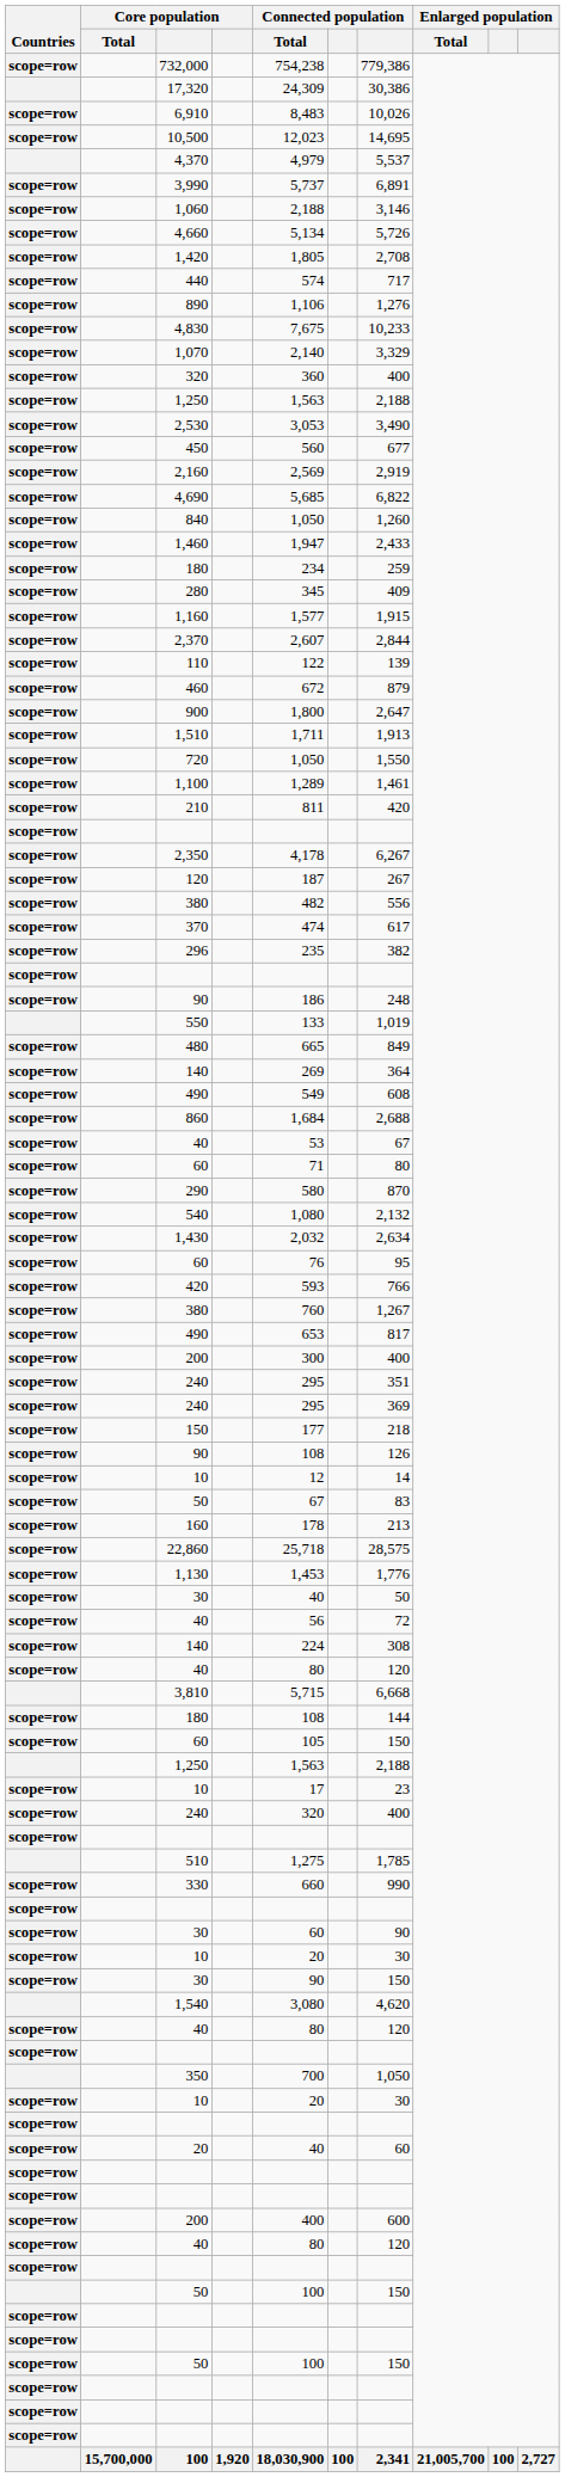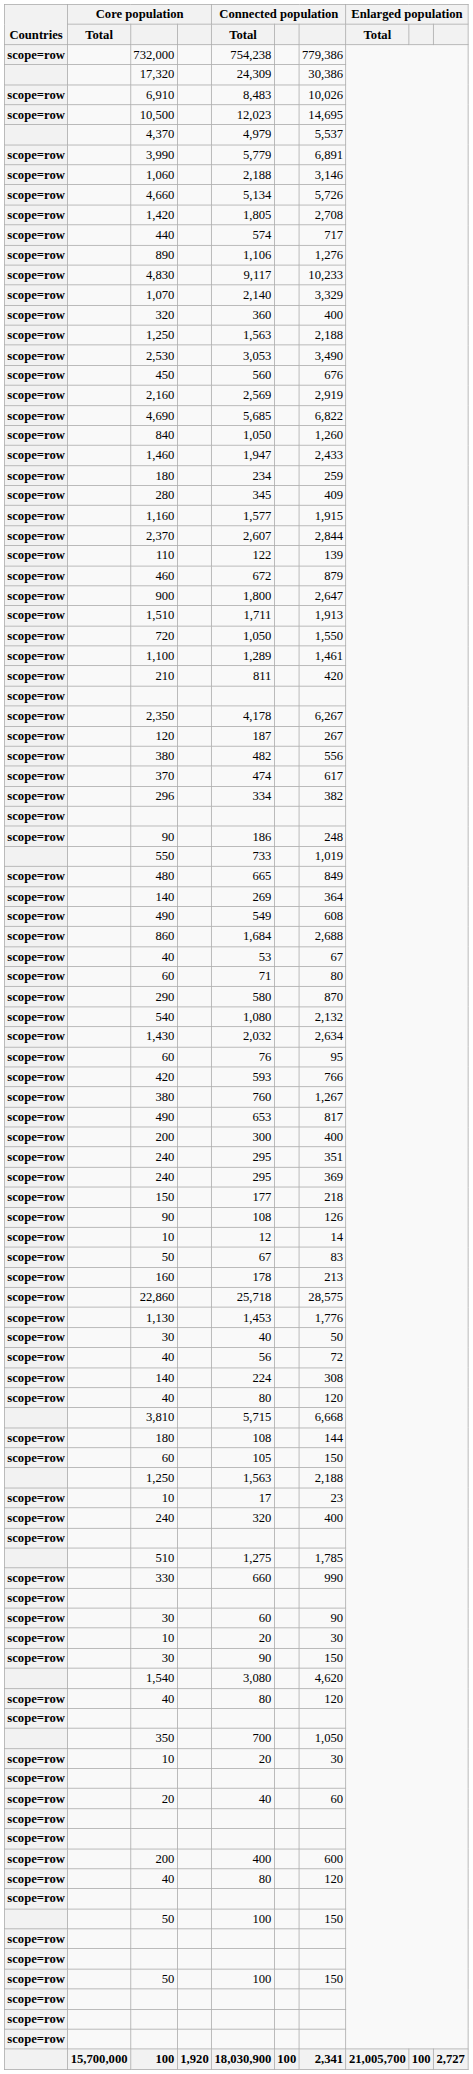 <table class="sortable plainrowheaders static-row-numbers vertical-align-top wikitable" style=text-align:right>
 <tr style=vertical-align:bottom class=static-row-header>
 <th rowspan=2>Countries</th>
 <th colspan=3>Core population</th>
 <th colspan=3>Connected population</th>
 <th colspan=3>Enlarged population</th>
 </tr>
 <tr class=static-row-header>
 <th>Total</th>
 <th></th>
 <th></th>
 <th>Total</th>
 <th></th>
 <th></th>
 <th>Total</th>
 <th></th>
 <th></th>
 </tr>
 <tr id=Israel>
 <th>scope=row </th>
 <td></td>
 <td>732,000</td>
 <td></td>
 <td>754,238</td>
 <td></td>
 <td>779,386</td>
 </tr>
 <tr id="United States">
 <th scope=row style=text-align:left></th>
 <td></td>
 <td>17,320</td>
 <td></td>
 <td>24,309</td>
 <td></td>
 <td>30,386</td>
 </tr>
 <tr id=France>
 <th>scope=row </th>
 <td></td>
 <td>6,910</td>
 <td></td>
 <td>8,483</td>
 <td></td>
 <td>10,026</td>
 </tr>
 <tr id=Canada>
 <th>scope=row </th>
 <td></td>
 <td>10,500</td>
 <td></td>
 <td>12,023</td>
 <td></td>
 <td>14,695</td>
 </tr>
 <tr id="United Kingdom">
 <th scope=row style=text-align:left></th>
 <td></td>
 <td>4,370</td>
 <td></td>
 <td>4,979</td>
 <td></td>
 <td>5,537</td>
 </tr>
 <tr id=Argentina>
 <th>scope=row </th>
 <td></td>
 <td>3,990</td>
 <td></td>
-<td>5,737</td>
+<td>5,779</td>
 <td></td>
 <td>6,891</td>
 </tr>
 <tr id=Russia>
 <th>scope=row </th>
 <td></td>
 <td>1,060</td>
 <td></td>
 <td>2,188</td>
 <td></td>
 <td>3,146</td>
 </tr>
 <tr id=Australia>
 <th>scope=row </th>
 <td></td>
 <td>4,660</td>
 <td></td>
 <td>5,134</td>
 <td></td>
 <td>5,726</td>
 </tr>
 <tr id=Germany>
 <th>scope=row </th>
 <td></td>
 <td>1,420</td>
 <td></td>
 <td>1,805</td>
 <td></td>
 <td>2,708</td>
 </tr>
 <tr id=Brazil>
 <th>scope=row </th>
 <td></td>
 <td>440</td>
 <td></td>
 <td>574</td>
 <td></td>
 <td>717</td>
 </tr>
 <tr id="South Africa">
 <th>scope=row </th>
 <td></td>
 <td>890</td>
 <td></td>
 <td>1,106</td>
 <td></td>
 <td>1,276</td>
 </tr>
 <tr id=Hungary>
 <th>scope=row </th>
 <td></td>
 <td>4,830</td>
 <td></td>
-<td>7,675</td>
+<td>9,117</td>
 <td></td>
 <td>10,233</td>
 </tr>
 <tr id=Ukraine>
 <th>scope=row </th>
 <td></td>
 <td>1,070</td>
 <td></td>
 <td>2,140</td>
 <td></td>
 <td>3,329</td>
 </tr>
 <tr id=Mexico>
 <th>scope=row </th>
 <td></td>
 <td>320</td>
 <td></td>
 <td>360</td>
 <td></td>
 <td>400</td>
 </tr>
 <tr id=Netherlands>
 <th>scope=row </th>
 <td></td>
 <td>1,250</td>
 <td></td>
 <td>1,563</td>
 <td></td>
 <td>2,188</td>
 </tr>
 <tr id=Belgium>
 <th>scope=row </th>
 <td></td>
 <td>2,530</td>
 <td></td>
 <td>3,053</td>
 <td></td>
 <td>3,490</td>
 </tr>
 <tr id=Italy>
 <th>scope=row </th>
 <td></td>
 <td>450</td>
 <td></td>
 <td>560</td>
 <td></td>
-<td>677</td>
+<td>676</td>
 </tr>
 <tr id=Switzerland>
 <th>scope=row </th>
 <td></td>
 <td>2,160</td>
 <td></td>
 <td>2,569</td>
 <td></td>
 <td>2,919</td>
 </tr>
 <tr id=Uruguay>
 <th>scope=row </th>
 <td></td>
 <td>4,690</td>
 <td></td>
 <td>5,685</td>
 <td></td>
 <td>6,822</td>
 </tr>
 <tr id=Chile>
 <th>scope=row </th>
 <td></td>
 <td>840</td>
 <td></td>
 <td>1,050</td>
 <td></td>
 <td>1,260</td>
 </tr>
 <tr id=Sweden>
 <th>scope=row </th>
 <td></td>
 <td>1,460</td>
 <td></td>
 <td>1,947</td>
 <td></td>
 <td>2,433</td>
 </tr>
 <tr id=Turkey>
 <th>scope=row </th>
 <td></td>
 <td>180</td>
 <td></td>
 <td>234</td>
 <td></td>
 <td>259</td>
 </tr>
 <tr id=Spain>
 <th>scope=row </th>
 <td></td>
 <td>280</td>
 <td></td>
 <td>345</td>
 <td></td>
 <td>409</td>
 </tr>
 <tr id=Austria>
 <th>scope=row </th>
 <td></td>
 <td>1,160</td>
 <td></td>
 <td>1,577</td>
 <td></td>
 <td>1,915</td>
 </tr>
 <tr id=Panama>
 <th>scope=row </th>
 <td></td>
 <td>2,370</td>
 <td></td>
 <td>2,607</td>
 <td></td>
 <td>2,844</td>
 </tr>
 <tr id=Iran>
 <th>scope=row </th>
 <td></td>
 <td>110</td>
 <td></td>
 <td>122</td>
 <td></td>
 <td>139</td>
 </tr>
 <tr id=Romania>
 <th>scope=row </th>
 <td></td>
 <td>460</td>
 <td></td>
 <td>672</td>
 <td></td>
 <td>879</td>
 </tr>
 <tr id=Belarus>
 <th>scope=row </th>
 <td></td>
 <td>900</td>
 <td></td>
 <td>1,800</td>
 <td></td>
 <td>2,647</td>
 </tr>
 <tr id="New Zealand">
 <th>scope=row </th>
 <td></td>
 <td>1,510</td>
 <td></td>
 <td>1,711</td>
 <td></td>
 <td>1,913</td>
 </tr>
 <tr id=Azerbaijan>
 <th>scope=row </th>
 <td></td>
 <td>720</td>
 <td></td>
 <td>1,050</td>
 <td></td>
 <td>1,550</td>
 </tr>
 <tr id="Denmark">
 <th>scope=row </th>
 <td></td>
 <td>1,100</td>
 <td></td>
 <td>1,289</td>
 <td></td>
 <td>1,461</td>
 </tr>
 <tr id=Venezuela>
 <th>scope=row </th>
 <td></td>
 <td>210</td>
 <td></td>
 <td>811</td>
 <td></td>
 <td>420</td>
 </tr>
 <tr id=India>
 <th>scope=row </th>
 <td></td>
 <td></td>
 <td></td>
 <td></td>
 <td></td>
 <td></td>
 </tr>
 <tr id=Latvia>
 <th>scope=row </th>
 <td></td>
 <td>2,350</td>
 <td></td>
 <td>4,178</td>
 <td></td>
 <td>6,267</td>
 </tr>
 <tr id=Poland>
 <th>scope=row </th>
 <td></td>
 <td>120</td>
 <td></td>
 <td>187</td>
 <td></td>
 <td>267</td>
 </tr>
 <tr id=Greece>
 <th>scope=row </th>
 <td></td>
 <td>380</td>
 <td></td>
 <td>482</td>
 <td></td>
 <td>556</td>
 </tr>
 <tr id=Czechia>
 <th>scope=row </th>
 <td></td>
 <td>370</td>
 <td></td>
 <td>474</td>
 <td></td>
 <td>617</td>
 </tr>
 <tr id=Portugal>
 <th>scope=row </th>
 <td></td>
 <td>296</td>
 <td></td>
-<td>235</td>
+<td>334</td>
 <td></td>
 <td>382</td>
 </tr>
 <tr id=China>
 <th>scope=row </th>
 <td></td>
 <td></td>
 <td></td>
 <td></td>
 <td></td>
 <td></td>
 </tr>
 <tr id=Uzbekistan>
 <th>scope=row </th>
 <td></td>
 <td>90</td>
 <td></td>
 <td>186</td>
 <td></td>
 <td>248</td>
 </tr>
 <tr id=Ireland>
 <th scope=row style=text-align:left></th>
 <td></td>
 <td>550</td>
 <td></td>
-<td>133</td>
+<td>733</td>
 <td></td>
 <td>1,019</td>
 </tr>
 <tr id=Slovakia>
 <th>scope=row </th>
 <td></td>
 <td>480</td>
 <td></td>
 <td>665</td>
 <td></td>
 <td>849</td>
 </tr>
 <tr id=Kazakhstan>
 <th>scope=row </th>
 <td></td>
 <td>140</td>
 <td></td>
 <td>269</td>
 <td></td>
 <td>364</td>
 </tr>
 <tr id="Costa Rica">
 <th>scope=row </th>
 <td></td>
 <td>490</td>
 <td></td>
 <td>549</td>
 <td></td>
 <td>608</td>
 </tr>
 <tr id=Lithuania>
 <th>scope=row </th>
 <td></td>
 <td>860</td>
 <td></td>
 <td>1,684</td>
 <td></td>
 <td>2,688</td>
 </tr>
 <tr id=Colombia>
 <th>scope=row </th>
 <td></td>
 <td>40</td>
 <td></td>
 <td>53</td>
 <td></td>
 <td>67</td>
 </tr>
 <tr id=Morocco>
 <th>scope=row </th>
 <td></td>
 <td>60</td>
 <td></td>
 <td>71</td>
 <td></td>
 <td>80</td>
 </tr>
 <tr id=Bulgaria>
 <th>scope=row </th>
 <td></td>
 <td>290</td>
 <td></td>
 <td>580</td>
 <td></td>
 <td>870</td>
 </tr>
 <tr id=Moldova>
 <th>scope=row </th>
 <td></td>
 <td>540</td>
 <td></td>
 <td>1,080</td>
 <td></td>
 <td>2,132</td>
 </tr>
 <tr id=Estonia>
 <th>scope=row </th>
 <td></td>
 <td>1,430</td>
 <td></td>
 <td>2,032</td>
 <td></td>
 <td>2,634</td>
 </tr>
 <tr id=Peru>
 <th>scope=row </th>
 <td></td>
 <td>60</td>
 <td></td>
 <td>76</td>
 <td></td>
 <td>95</td>
 </tr>
 <tr id=Croatia>
 <th>scope=row </th>
 <td></td>
 <td>420</td>
 <td></td>
 <td>593</td>
 <td></td>
 <td>766</td>
 </tr>
 <tr id=Georgia>
 <th>scope=row </th>
 <td></td>
 <td>380</td>
 <td></td>
 <td>760</td>
 <td></td>
 <td>1,267</td>
 </tr>
 <tr id="Puerto Rico">
 <th>scope=row </th>
 <td></td>
 <td>490</td>
 <td></td>
 <td>653</td>
 <td></td>
 <td>817</td>
 </tr>
 <tr id=Serbia>
 <th>scope=row </th>
 <td></td>
 <td>200</td>
 <td></td>
 <td>300</td>
 <td></td>
 <td>400</td>
 </tr>
 <tr id=Finland>
 <th>scope=row </th>
 <td></td>
 <td>240</td>
 <td></td>
 <td>295</td>
 <td></td>
 <td>351</td>
 </tr>
 <tr id=Norway>
 <th>scope=row </th>
 <td></td>
 <td>240</td>
 <td></td>
 <td>295</td>
 <td></td>
 <td>369</td>
 </tr>
 <tr id="Paraguay">
 <th>scope=row </th>
 <td></td>
 <td>150</td>
 <td></td>
 <td>177</td>
 <td></td>
 <td>218</td>
 </tr>
 <tr id=Tunisia>
 <th>scope=row </th>
 <td></td>
 <td>90</td>
 <td></td>
 <td>108</td>
 <td></td>
 <td>126</td>
 </tr>
 <tr id=Japan>
 <th>scope=row </th>
 <td></td>
 <td>10</td>
 <td></td>
 <td>12</td>
 <td></td>
 <td>14</td>
 </tr>
 <tr id=Guatemala>
 <th>scope=row </th>
 <td></td>
 <td>50</td>
 <td></td>
 <td>67</td>
 <td></td>
 <td>83</td>
 </tr>
 <tr id=Singapore>
 <th>scope=row </th>
 <td></td>
 <td>160</td>
 <td></td>
 <td>178</td>
 <td></td>
 <td>213</td>
 </tr>
 <tr id="Gibraltar">
 <th>scope=row </th>
 <td></td>
 <td>22,860</td>
 <td></td>
 <td>25,718</td>
 <td></td>
 <td>28,575</td>
 </tr>
 <tr id="Luxembourg">
 <th>scope=row </th>
 <td></td>
 <td>1,130</td>
 <td></td>
 <td>1,453</td>
 <td></td>
 <td>1,776</td>
 </tr>
 <tr id=Ecuador>
 <th>scope=row </th>
 <td></td>
 <td>30</td>
 <td></td>
 <td>40</td>
 <td></td>
 <td>50</td>
 </tr>
 <tr id=Bolivia>
 <th>scope=row </th>
 <td></td>
 <td>40</td>
 <td></td>
 <td>56</td>
 <td></td>
 <td>72</td>
 </tr>
 <tr id=Bosnia>
 <th>scope=row </th>
 <td></td>
 <td>140</td>
 <td></td>
 <td>224</td>
 <td></td>
 <td>308</td>
 </tr>
 <tr id=Cuba>
 <th>scope=row </th>
 <td></td>
 <td>40</td>
 <td></td>
 <td>80</td>
 <td></td>
 <td>120</td>
 </tr>
 <tr id="Virgin Islands">
 <th scope=row style=text-align:left></th>
 <td></td>
 <td>3,810</td>
 <td></td>
 <td>5,715</td>
 <td></td>
 <td>6,668</td>
 </tr>
 <tr id="Jamaica">
 <th>scope=row </th>
 <td></td>
 <td>180</td>
 <td></td>
 <td>108</td>
 <td></td>
 <td>144</td>
 </tr>
 <tr id=Kyrgyzstan>
 <th>scope=row </th>
 <td></td>
 <td>60</td>
 <td></td>
 <td>105</td>
 <td></td>
 <td>150</td>
 </tr>
 <tr id="Netherlands Antilles">
 <th scope="row" style="text-align:left"></th>
 <td></td>
 <td>1,250</td>
 <td></td>
 <td>1,563</td>
 <td></td>
 <td>2,188</td>
 </tr>
 <tr id="Kenya">
 <th>scope=row </th>
 <td></td>
 <td>10</td>
 <td></td>
 <td>17</td>
 <td></td>
 <td>23</td>
 </tr>
 <tr id="Cyprus">
 <th>scope=row </th>
 <td></td>
 <td>240</td>
 <td></td>
 <td>320</td>
 <td></td>
 <td>400</td>
 </tr>
 <tr id=Nicaragua>
 <th>scope=row </th>
 <td></td>
 <td></td>
 <td></td>
 <td></td>
 <td></td>
 <td></td>
 </tr>
 <tr id=Bahamas>
 <th scope=row style=text-align:left></th>
 <td></td>
 <td>510</td>
 <td></td>
 <td>1,275</td>
 <td></td>
 <td>1,785</td>
 </tr>
 <tr id=Suriname>
 <th>scope=row </th>
 <td></td>
 <td>330</td>
 <td></td>
 <td>660</td>
 <td></td>
 <td>990</td>
 </tr>
 <tr id=Thailand>
 <th>scope=row </th>
 <td></td>
 <td></td>
 <td></td>
 <td></td>
 <td></td>
 <td></td>
 </tr>
 <tr id=Turkmenistan>
 <th>scope=row </th>
 <td></td>
 <td>30</td>
 <td></td>
 <td>60</td>
 <td></td>
 <td>90</td>
 </tr>
 <tr id=Zimbabwe>
 <th>scope=row </th>
 <td></td>
 <td>10</td>
 <td></td>
 <td>20</td>
 <td></td>
 <td>30</td>
 </tr>
 <tr id=Armenia>
 <th>scope=row </th>
 <td></td>
 <td>30</td>
 <td></td>
 <td>90</td>
 <td></td>
 <td>150</td>
 </tr>
 <tr id=Bermuda>
 <th scope=row style=text-align:left></th>
 <td></td>
 <td>1,540</td>
 <td></td>
 <td>3,080</td>
 <td></td>
 <td>4,620</td>
 </tr>
 <tr id=Botswana>
 <th>scope=row </th>
 <td></td>
 <td>40</td>
 <td></td>
 <td>80</td>
 <td></td>
 <td>120</td>
 </tr>
 <tr id="Congo D.R.">
 <th>scope=row </th>
 <td></td>
 <td></td>
 <td></td>
 <td></td>
 <td></td>
 <td></td>
 </tr>
 <tr id=Barbados>
 <th scope=row style=text-align:left></th>
 <td></td>
 <td>350</td>
 <td></td>
 <td>700</td>
 <td></td>
 <td>1,050</td>
 </tr>
 <tr id=Dominica>
 <th>scope=row </th>
 <td></td>
 <td>10</td>
 <td></td>
 <td>20</td>
 <td></td>
 <td>30</td>
 </tr>
 <tr id=Egypt>
 <th>scope=row </th>
 <td></td>
 <td></td>
 <td></td>
 <td></td>
 <td></td>
 <td></td>
 </tr>
 <tr id="El Salvador">
 <th>scope=row </th>
 <td></td>
 <td>20</td>
 <td></td>
 <td>40</td>
 <td></td>
 <td>60</td>
 </tr>
 <tr id=Ethiopia>
 <th>scope=row </th>
 <td></td>
 <td></td>
 <td></td>
 <td></td>
 <td></td>
 <td></td>
 </tr>
 <tr id=Indonesia>
 <th>scope=row </th>
 <td></td>
 <td></td>
 <td></td>
 <td></td>
 <td></td>
 <td></td>
 </tr>
 <tr id=Malta>
 <th>scope=row </th>
 <td></td>
 <td>200</td>
 <td></td>
 <td>400</td>
 <td></td>
 <td>600</td>
 </tr>
 <tr id=Namibia>
 <th>scope=row </th>
 <td></td>
 <td>40</td>
 <td></td>
 <td>80</td>
 <td></td>
 <td>120</td>
 </tr>
 <tr id=Nigeria>
 <th>scope=row </th>
 <td></td>
 <td></td>
 <td></td>
 <td></td>
 <td></td>
 <td></td>
 </tr>
 <tr id="North Macedonia">
 <th scope=row style=text-align:left></th>
 <td></td>
 <td>50</td>
 <td></td>
 <td>100</td>
 <td></td>
 <td>150</td>
 </tr>
 <tr id=Madagascar>
 <th>scope=row </th>
 <td></td>
 <td></td>
 <td></td>
 <td></td>
 <td></td>
 <td></td>
 </tr>
 <tr id=Philippines>
 <th>scope=row </th>
 <td></td>
 <td></td>
 <td></td>
 <td></td>
 <td></td>
 <td></td>
 </tr>
 <tr id=Slovenia>
 <th>scope=row </th>
 <td></td>
 <td>50</td>
 <td></td>
 <td>100</td>
 <td></td>
 <td>150</td>
 </tr>
 <tr id="South Korea">
 <th>scope=row </th>
 <td></td>
 <td></td>
 <td></td>
 <td></td>
 <td></td>
 <td></td>
 </tr>
 <tr id=Tajikistan>
 <th>scope=row </th>
 <td></td>
 <td></td>
 <td></td>
 <td></td>
 <td></td>
 <td></td>
 </tr>
 <tr id=Taiwan>
 <th>scope=row </th>
 <td></td>
 <td></td>
 <td></td>
 <td></td>
 <td></td>
 <td></td>
 </tr>
 <tr class=static-row-header>
 <th style=text-align:left></th>
 <th style=text-align:right>15,700,000</th>
 <th style=text-align:right>100</th>
 <th style=text-align:right>1,920</th>
 <th style=text-align:right>18,030,900</th>
 <th style=text-align:right>100</th>
 <th style=text-align:right>2,341</th>
 <th style=text-align:right>21,005,700</th>
 <th style=text-align:right>100</th>
 <th style=text-align:right>2,727</th>
 </tr>
 </table>
